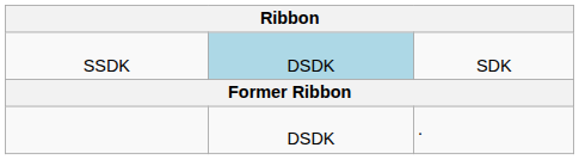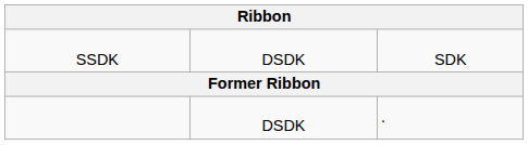 <table class="wikitable" width=60%>
 <tr>
 <th colspan=3>Ribbon</th>
 </tr>
 <tr>
 <td valign=top align=center> <br> SSDK</td>
-<td align=center style="background: lightblue;"> <br> DSDK</td>
+<td align=center> <br> DSDK</td>
 <td valign=top align=center> <br> SDK</td>
 </tr>
 <tr>
 <th colspan=3>Former Ribbon</th>
 </tr>
 <tr>
 <td></td>
 <td valign=top align=center> <br> DSDK</td>
 <td>.</td>
 </tr>
 </table>
